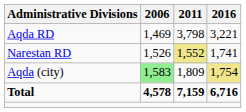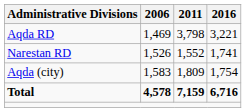 <table class="wikitable">
 <tr>
 <th>Administrative Divisions</th>
 <th>2006</th>
 <th>2011</th>
 <th>2016</th>
 </tr>
 <tr>
 <td><a href='#'>Aqda RD</a></td>
 <td style="text-align: right;">1,469</td>
 <td style="text-align: right;">3,798</td>
 <td style="text-align: right;">3,221</td>
 </tr>
 <tr>
 <td><a href='#'>Narestan RD</a></td>
 <td style="text-align: right;">1,526</td>
-<td style="background: khaki; text-align: right;">1,552</td>
+<td style="text-align: right;">1,552</td>
 <td style="text-align: right;">1,741</td>
 </tr>
 <tr>
 <td><a href='#'>Aqda</a> (city)</td>
-<td style="background: lightgreen; text-align: right;">1,583</td>
+<td style="text-align: right;">1,583</td>
 <td style="text-align: right;">1,809</td>
-<td style="background: khaki; text-align: right;">1,754</td>
+<td style="text-align: right;">1,754</td>
 </tr>
 <tr>
 <td><strong>Total</strong></td>
 <td style="text-align: right;"><strong>4,578</strong></td>
 <td style="text-align: right;"><strong>7,159</strong></td>
 <td style="text-align: right;"><strong>6,716</strong></td>
 </tr>
 <tr>
 <td colspan=4></td>
 </tr>
 </table>
